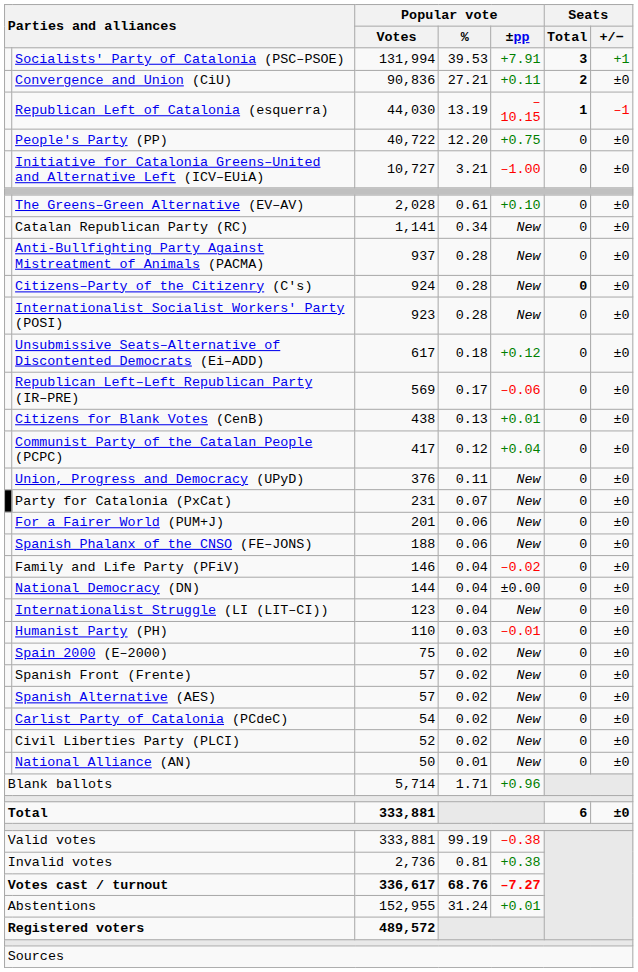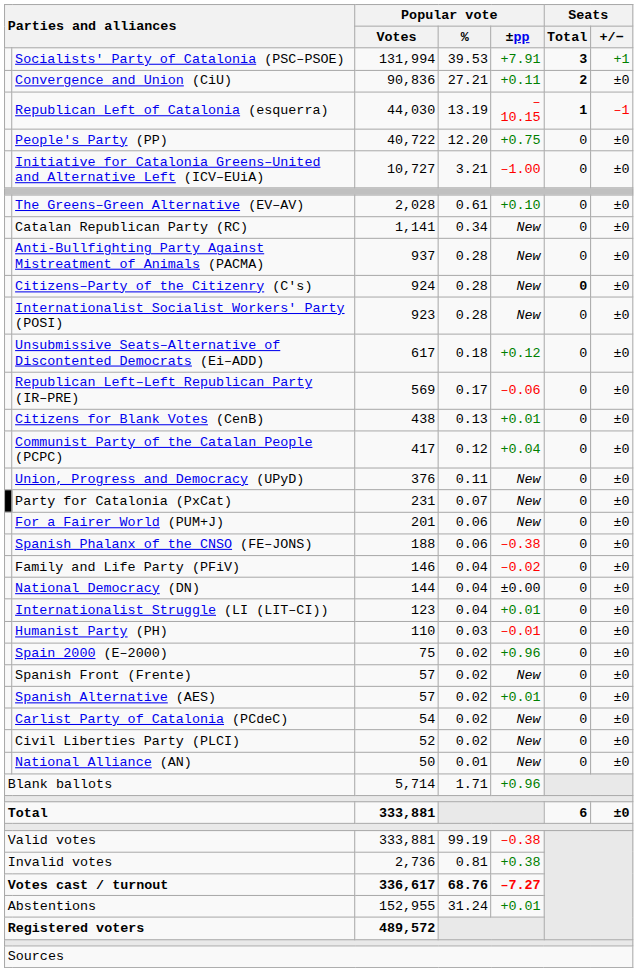 <table class="wikitable" style="text-align:right;">
 <tr>
 <th style="text-align:left;" rowspan="2" colspan="2" width="525">Parties and alliances</th>
 <th colspan="3">Popular vote</th>
 <th colspan="2">Seats</th>
 </tr>
 <tr>
 <th width="75">Votes</th>
 <th width="45">%</th>
 <th width="45">±<a href='#'>pp</a></th>
 <th width="35">Total</th>
 <th width="35">+/−</th>
 </tr>
 <tr>
 <td width="1" style="color:inherit;background:"></td>
 <td align="left"><a href='#'>Socialists' Party of Catalonia</a> (PSC–PSOE)</td>
 <td>131,994</td>
 <td>39.53</td>
 <td style="color:green;">+7.91</td>
 <td><strong>3</strong></td>
 <td style="color:green;">+1</td>
 </tr>
 <tr>
 <td style="color:inherit;background:"></td>
 <td align="left"><a href='#'>Convergence and Union</a> (CiU)</td>
 <td>90,836</td>
 <td>27.21</td>
 <td style="color:green;">+0.11</td>
 <td><strong>2</strong></td>
 <td>±0</td>
 </tr>
 <tr>
 <td style="color:inherit;background:"></td>
 <td align="left"><a href='#'>Republican Left of Catalonia</a> (esquerra)</td>
 <td>44,030</td>
 <td>13.19</td>
 <td style="color:red;">–10.15</td>
 <td><strong>1</strong></td>
 <td style="color:red;">–1</td>
 </tr>
 <tr>
 <td style="color:inherit;background:"></td>
 <td align="left"><a href='#'>People's Party</a> (PP)</td>
 <td>40,722</td>
 <td>12.20</td>
 <td style="color:green;">+0.75</td>
 <td>0</td>
 <td>±0</td>
 </tr>
 <tr>
 <td style="color:inherit;background:"></td>
 <td align="left"><a href='#'>Initiative for Catalonia Greens–United and Alternative Left</a> (ICV–EUiA)</td>
 <td>10,727</td>
 <td>3.21</td>
 <td style="color:red;">–1.00</td>
 <td>0</td>
 <td>±0</td>
 </tr>
 <tr>
 <td colspan="7" bgcolor="#C0C0C0"></td>
 </tr>
 <tr>
 <td style="color:inherit;background:"></td>
 <td align="left"><a href='#'>The Greens–Green Alternative</a> (EV–AV)</td>
 <td>2,028</td>
 <td>0.61</td>
 <td style="color:green;">+0.10</td>
 <td>0</td>
 <td>±0</td>
 </tr>
 <tr>
 <td style="color:inherit;background:"></td>
 <td align="left">Catalan Republican Party (RC)</td>
 <td>1,141</td>
 <td>0.34</td>
 <td><em>New</em></td>
 <td>0</td>
 <td>±0</td>
 </tr>
 <tr>
 <td style="color:inherit;background:"></td>
 <td align="left"><a href='#'>Anti-Bullfighting Party Against Mistreatment of Animals</a> (PACMA)</td>
 <td>937</td>
 <td>0.28</td>
 <td><em>New</em></td>
 <td>0</td>
 <td>±0</td>
 </tr>
 <tr>
 <td style="color:inherit;background:"></td>
 <td align="left"><a href='#'>Citizens–Party of the Citizenry</a> (C's)</td>
 <td>924</td>
 <td>0.28</td>
 <td><em>New</em></td>
 <td><strong>0</strong></td>
 <td>±0</td>
 </tr>
 <tr>
 <td style="color:inherit;background:"></td>
 <td align="left"><a href='#'>Internationalist Socialist Workers' Party</a> (POSI)</td>
 <td>923</td>
 <td>0.28</td>
 <td><em>New</em></td>
 <td>0</td>
 <td>±0</td>
 </tr>
 <tr>
 <td style="color:inherit;background:"></td>
 <td align="left"><a href='#'>Unsubmissive Seats–Alternative of Discontented Democrats</a> (Ei–ADD)</td>
 <td>617</td>
 <td>0.18</td>
 <td style="color:green;">+0.12</td>
 <td>0</td>
 <td>±0</td>
 </tr>
 <tr>
 <td style="color:inherit;background:"></td>
 <td align="left"><a href='#'>Republican Left–Left Republican Party</a> (IR–PRE)</td>
 <td>569</td>
 <td>0.17</td>
 <td style="color:red;">–0.06</td>
 <td>0</td>
 <td>±0</td>
 </tr>
 <tr>
 <td style="color:inherit;background:"></td>
 <td align="left"><a href='#'>Citizens for Blank Votes</a> (CenB)</td>
 <td>438</td>
 <td>0.13</td>
 <td style="color:green;">+0.01</td>
 <td>0</td>
 <td>±0</td>
 </tr>
 <tr>
 <td style="color:inherit;background:"></td>
 <td align="left"><a href='#'>Communist Party of the Catalan People</a> (PCPC)</td>
 <td>417</td>
 <td>0.12</td>
 <td style="color:green;">+0.04</td>
 <td>0</td>
 <td>±0</td>
 </tr>
 <tr>
 <td style="color:inherit;background:"></td>
 <td align="left"><a href='#'>Union, Progress and Democracy</a> (UPyD)</td>
 <td>376</td>
 <td>0.11</td>
 <td><em>New</em></td>
 <td>0</td>
 <td>±0</td>
 </tr>
 <tr>
 <td bgcolor="black"></td>
 <td align="left">Party for Catalonia (PxCat)</td>
 <td>231</td>
 <td>0.07</td>
 <td><em>New</em></td>
 <td>0</td>
 <td>±0</td>
 </tr>
 <tr>
 <td style="color:inherit;background:"></td>
 <td align="left"><a href='#'>For a Fairer World</a> (PUM+J)</td>
 <td>201</td>
 <td>0.06</td>
 <td><em>New</em></td>
 <td>0</td>
 <td>±0</td>
 </tr>
 <tr>
 <td style="color:inherit;background:"></td>
 <td align="left"><a href='#'>Spanish Phalanx of the CNSO</a> (FE–JONS)</td>
 <td>188</td>
 <td>0.06</td>
-<td><em>New</em></td>
+<td style="color:red;">–0.38</td>
 <td>0</td>
 <td>±0</td>
 </tr>
 <tr>
 <td style="color:inherit;background:"></td>
 <td align="left">Family and Life Party (PFiV)</td>
 <td>146</td>
 <td>0.04</td>
 <td style="color:red;">–0.02</td>
 <td>0</td>
 <td>±0</td>
 </tr>
 <tr>
 <td style="color:inherit;background:"></td>
 <td align="left"><a href='#'>National Democracy</a> (DN)</td>
 <td>144</td>
 <td>0.04</td>
 <td>±0.00</td>
 <td>0</td>
 <td>±0</td>
 </tr>
 <tr>
 <td style="color:inherit;background:"></td>
 <td align="left"><a href='#'>Internationalist Struggle</a> (LI (LIT–CI))</td>
 <td>123</td>
 <td>0.04</td>
-<td><em>New</em></td>
+<td style="color:green;">+0.01</td>
 <td>0</td>
 <td>±0</td>
 </tr>
 <tr>
 <td style="color:inherit;background:"></td>
 <td align="left"><a href='#'>Humanist Party</a> (PH)</td>
 <td>110</td>
 <td>0.03</td>
 <td style="color:red;">–0.01</td>
 <td>0</td>
 <td>±0</td>
 </tr>
 <tr>
 <td style="color:inherit;background:"></td>
 <td align="left"><a href='#'>Spain 2000</a> (E–2000)</td>
 <td>75</td>
 <td>0.02</td>
-<td><em>New</em></td>
+<td style="color:green;">+0.96</td>
 <td>0</td>
 <td>±0</td>
 </tr>
 <tr>
 <td style="color:inherit;background:"></td>
 <td align="left">Spanish Front (Frente)</td>
 <td>57</td>
 <td>0.02</td>
 <td><em>New</em></td>
 <td>0</td>
 <td>±0</td>
 </tr>
 <tr>
 <td style="color:inherit;background:"></td>
 <td align="left"><a href='#'>Spanish Alternative</a> (AES)</td>
 <td>57</td>
 <td>0.02</td>
-<td><em>New</em></td>
+<td style="color:green;">+0.01</td>
 <td>0</td>
 <td>±0</td>
 </tr>
 <tr>
 <td style="color:inherit;background:"></td>
 <td align="left"><a href='#'>Carlist Party of Catalonia</a> (PCdeC)</td>
 <td>54</td>
 <td>0.02</td>
 <td><em>New</em></td>
 <td>0</td>
 <td>±0</td>
 </tr>
 <tr>
 <td style="color:inherit;background:"></td>
 <td align="left">Civil Liberties Party (PLCI)</td>
 <td>52</td>
 <td>0.02</td>
 <td><em>New</em></td>
 <td>0</td>
 <td>±0</td>
 </tr>
 <tr>
 <td style="color:inherit;background:"></td>
 <td align="left"><a href='#'>National Alliance</a> (AN)</td>
 <td>50</td>
 <td>0.01</td>
 <td><em>New</em></td>
 <td>0</td>
 <td>±0</td>
 </tr>
 <tr>
 <td align="left" colspan="2">Blank ballots</td>
 <td>5,714</td>
 <td>1.71</td>
 <td style="color:green;">+0.96</td>
 <td bgcolor="#E9E9E9" colspan="2"></td>
 </tr>
 <tr>
 <td colspan="7" bgcolor="#E9E9E9"></td>
 </tr>
 <tr style="font-weight:bold;">
 <td align="left" colspan="2">Total</td>
 <td>333,881</td>
 <td bgcolor="#E9E9E9" colspan="2"></td>
 <td>6</td>
 <td>±0</td>
 </tr>
 <tr>
 <td colspan="7" bgcolor="#E9E9E9"></td>
 </tr>
 <tr>
 <td align="left" colspan="2">Valid votes</td>
 <td>333,881</td>
 <td>99.19</td>
 <td style="color:red;">–0.38</td>
 <td bgcolor="#E9E9E9" colspan="2" rowspan="5"></td>
 </tr>
 <tr>
 <td align="left" colspan="2">Invalid votes</td>
 <td>2,736</td>
 <td>0.81</td>
 <td style="color:green;">+0.38</td>
 </tr>
 <tr style="font-weight:bold;">
 <td align="left" colspan="2">Votes cast / turnout</td>
 <td>336,617</td>
 <td>68.76</td>
 <td style="color:red;">–7.27</td>
 </tr>
 <tr>
 <td align="left" colspan="2">Abstentions</td>
 <td>152,955</td>
 <td>31.24</td>
 <td style="color:green;">+0.01</td>
 </tr>
 <tr style="font-weight:bold;">
 <td align="left" colspan="2">Registered voters</td>
 <td>489,572</td>
 <td bgcolor="#E9E9E9" colspan="2"></td>
 </tr>
 <tr>
 <td colspan="7" bgcolor="#E9E9E9"></td>
 </tr>
 <tr>
 <td align="left" colspan="7">Sources</td>
 </tr>
 </table>
